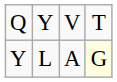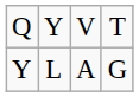 <table class="wikitable" | border="1" style="margin: 1em auto 1em auto">
 <tr>
 <td align="center">Q</td>
 <td align="center">Y</td>
 <td align="center">V</td>
 <td align="center">T</td>
 </tr>
 <tr>
 <td align="center">Y</td>
 <td align="center">L</td>
 <td align="center">A</td>
-<td align="center" style="background: lightyellow;">G</td>
+<td align="center">G</td>
 </tr>
 </table>
